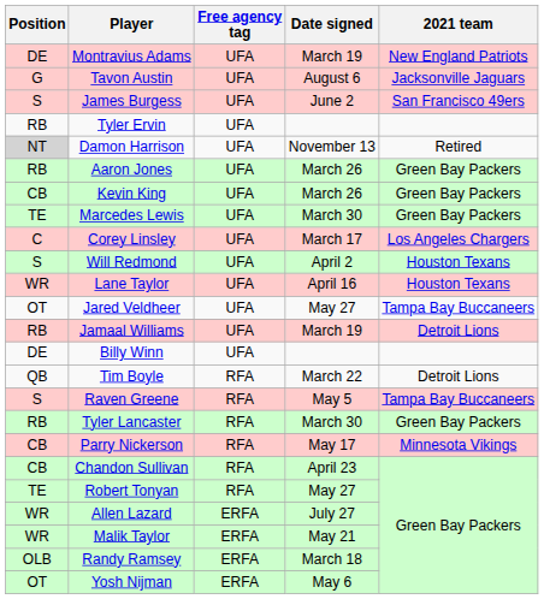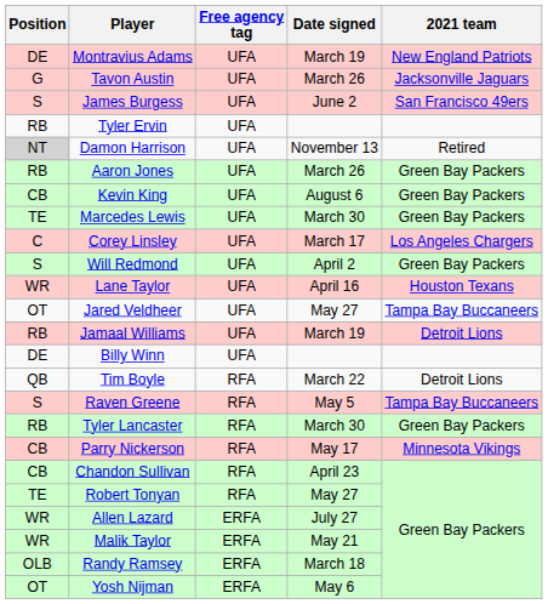 <table class="wikitable" style="text-align:center">
 <tr>
 <th>Position</th>
 <th>Player</th>
 <th><a href='#'><span>Free agency</span></a><br>tag</th>
 <th>Date signed</th>
 <th>2021 team</th>
 </tr>
 <tr bgcolor=ffcccc>
 <td>DE</td>
 <td><a href='#'>Montravius Adams</a></td>
 <td>UFA</td>
 <td>March 19</td>
 <td><a href='#'>New England Patriots</a></td>
 </tr>
 <tr bgcolor=ffcccc>
 <td>G</td>
 <td><a href='#'>Tavon Austin</a></td>
 <td>UFA</td>
-<td>August 6</td>
+<td>March 26</td>
 <td><a href='#'>Jacksonville Jaguars</a></td>
 </tr>
 <tr bgcolor=ffcccc>
 <td>S</td>
 <td><a href='#'>James Burgess</a></td>
 <td>UFA</td>
 <td>June 2</td>
 <td><a href='#'>San Francisco 49ers</a></td>
 </tr>
 <tr>
 <td>RB</td>
 <td><a href='#'>Tyler Ervin</a></td>
 <td>UFA</td>
 <td></td>
 <td></td>
 </tr>
 <tr>
 <td style="background: lightgrey;">NT</td>
 <td><a href='#'>Damon Harrison</a></td>
 <td>UFA</td>
 <td>November 13</td>
 <td>Retired</td>
 </tr>
 <tr bgcolor=ccffcc>
 <td>RB</td>
 <td><a href='#'>Aaron Jones</a></td>
 <td>UFA</td>
 <td>March 26</td>
 <td>Green Bay Packers</td>
 </tr>
 <tr bgcolor=ccffcc>
 <td>CB</td>
 <td><a href='#'>Kevin King</a></td>
 <td>UFA</td>
-<td>March 26</td>
+<td>August 6</td>
 <td>Green Bay Packers</td>
 </tr>
 <tr bgcolor=ccffcc>
 <td>TE</td>
 <td><a href='#'>Marcedes Lewis</a></td>
 <td>UFA</td>
 <td>March 30</td>
 <td>Green Bay Packers</td>
 </tr>
 <tr bgcolor=ffcccc>
 <td>C</td>
 <td><a href='#'>Corey Linsley</a></td>
 <td>UFA</td>
 <td>March 17</td>
 <td><a href='#'>Los Angeles Chargers</a></td>
 </tr>
 <tr bgcolor=ccffcc>
 <td>S</td>
 <td><a href='#'>Will Redmond</a></td>
 <td>UFA</td>
 <td>April 2</td>
-<td><a href='#'>Houston Texans</a></td>
+<td>Green Bay Packers</td>
 </tr>
 <tr bgcolor=ffcccc>
 <td>WR</td>
 <td><a href='#'>Lane Taylor</a></td>
 <td>UFA</td>
 <td>April 16</td>
 <td><a href='#'>Houston Texans</a></td>
 </tr>
 <tr>
 <td>OT</td>
 <td><a href='#'>Jared Veldheer</a></td>
 <td>UFA</td>
 <td>May 27</td>
 <td><a href='#'>Tampa Bay Buccaneers</a></td>
 </tr>
 <tr bgcolor=ffcccc>
 <td>RB</td>
 <td><a href='#'>Jamaal Williams</a></td>
 <td>UFA</td>
 <td>March 19</td>
 <td><a href='#'>Detroit Lions</a></td>
 </tr>
 <tr>
 <td>DE</td>
 <td><a href='#'>Billy Winn</a></td>
 <td>UFA</td>
 <td></td>
 <td></td>
 </tr>
 <tr -bgcolor=ffcccc>
 <td>QB</td>
 <td><a href='#'>Tim Boyle</a></td>
 <td>RFA</td>
 <td>March 22</td>
 <td>Detroit Lions</td>
 </tr>
 <tr bgcolor=ffcccc>
 <td>S</td>
 <td><a href='#'>Raven Greene</a></td>
 <td>RFA</td>
 <td>May 5</td>
 <td><a href='#'>Tampa Bay Buccaneers</a></td>
 </tr>
 <tr bgcolor=ccffcc>
 <td>RB</td>
 <td><a href='#'>Tyler Lancaster</a></td>
 <td>RFA</td>
 <td>March 30</td>
 <td>Green Bay Packers</td>
 </tr>
 <tr bgcolor=ffcccc>
 <td>CB</td>
 <td><a href='#'>Parry Nickerson</a></td>
 <td>RFA</td>
 <td>May 17</td>
 <td><a href='#'>Minnesota Vikings</a></td>
 </tr>
 <tr bgcolor=ccffcc>
 <td>CB</td>
 <td><a href='#'>Chandon Sullivan</a></td>
 <td>RFA</td>
 <td>April 23</td>
 <td rowspan=6>Green Bay Packers</td>
 </tr>
 <tr bgcolor=ccffcc>
 <td>TE</td>
 <td><a href='#'>Robert Tonyan</a></td>
 <td>RFA</td>
 <td>May 27</td>
 </tr>
 <tr bgcolor=ccffcc>
 <td>WR</td>
 <td><a href='#'>Allen Lazard</a></td>
 <td>ERFA</td>
 <td>July 27</td>
 </tr>
 <tr bgcolor=ccffcc>
 <td>WR</td>
 <td><a href='#'>Malik Taylor</a></td>
 <td>ERFA</td>
 <td>May 21</td>
 </tr>
 <tr bgcolor=ccffcc>
 <td>OLB</td>
 <td><a href='#'>Randy Ramsey</a></td>
 <td>ERFA</td>
 <td>March 18</td>
 </tr>
 <tr bgcolor=ccffcc>
 <td>OT</td>
 <td><a href='#'>Yosh Nijman</a></td>
 <td>ERFA</td>
 <td>May 6</td>
 </tr>
 </table>
